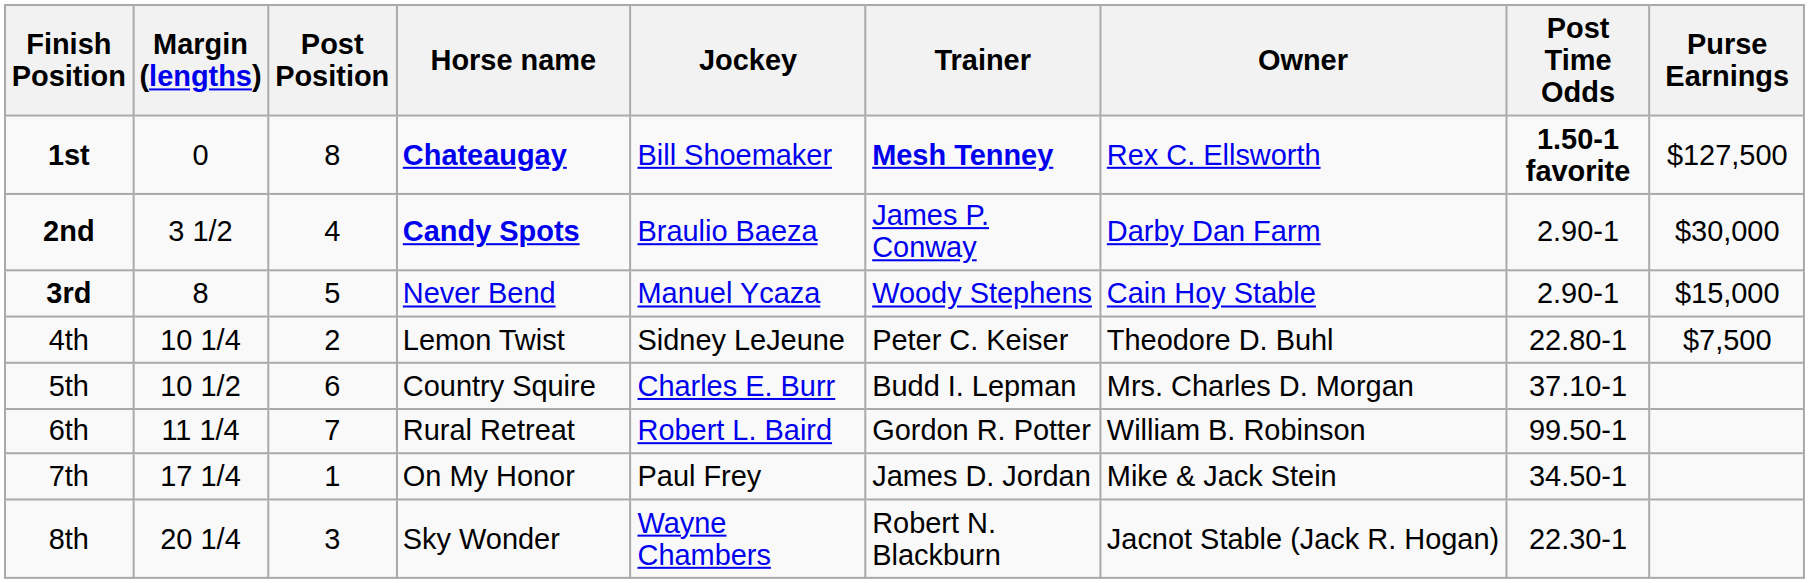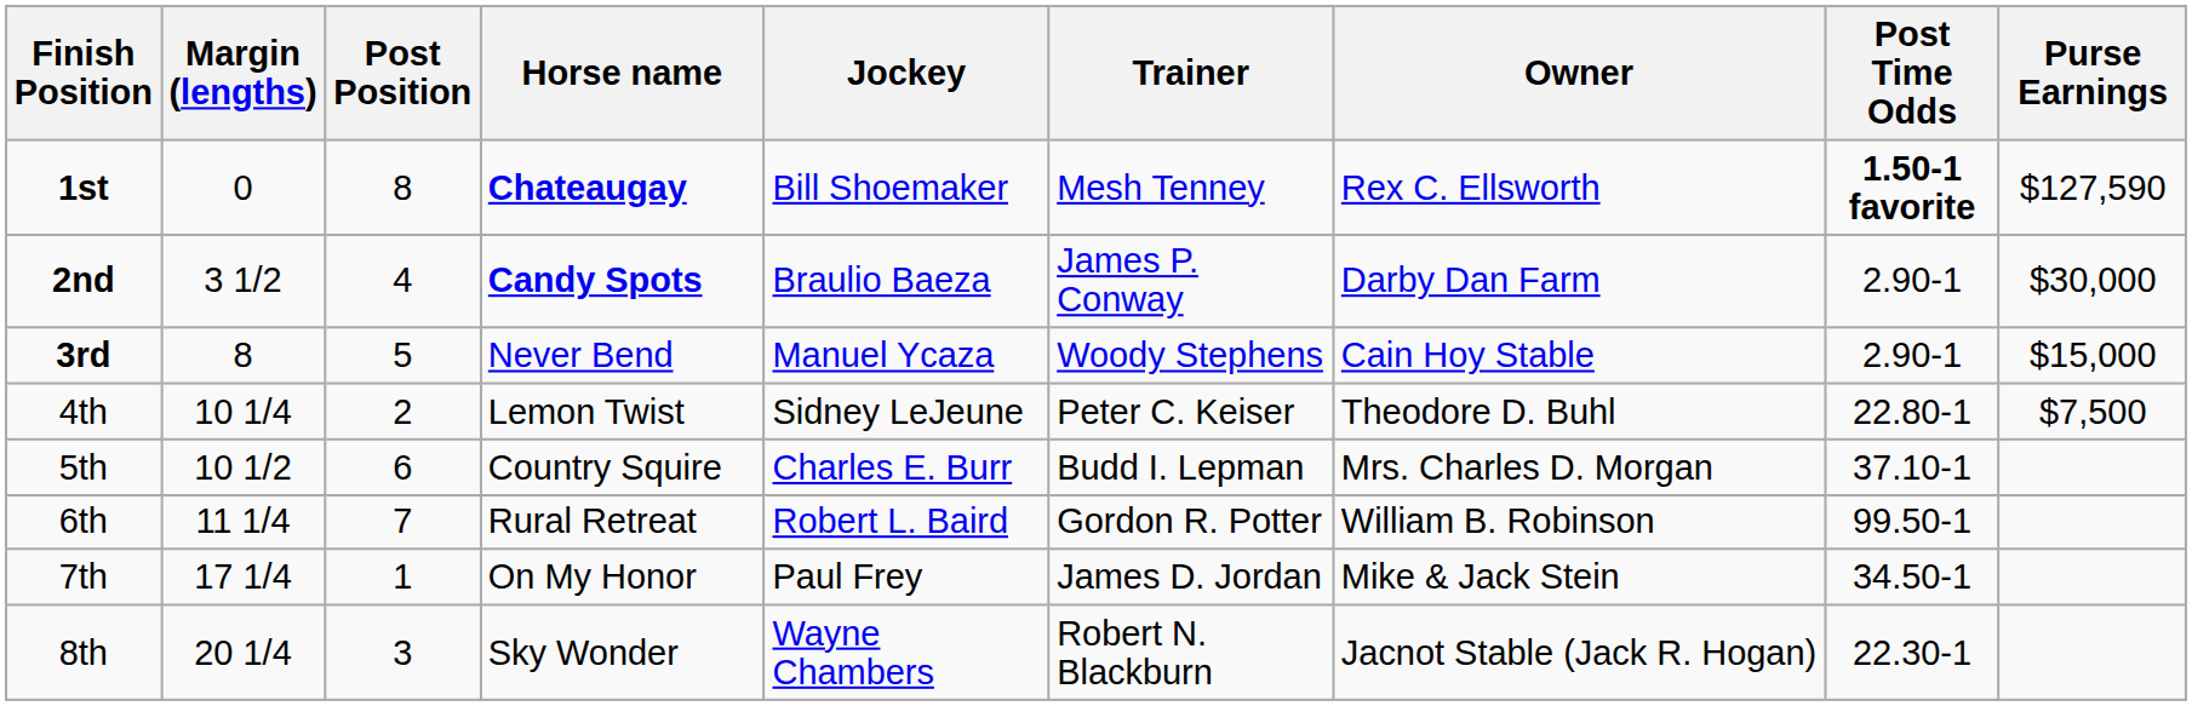 <table class="wikitable sortable" | border="2" cellpadding="1" style="border-collapse: collapse; font-size:90%">
 <tr>
 <th width="25px">Finish <br> Position</th>
 <th width="25px">Margin<br> <span>(<a href='#'>lengths</a>)</span></th>
 <th width="25px">Post <br> Position</th>
 <th width="110px">Horse name</th>
 <th width="110px">Jockey</th>
 <th width="110px">Trainer</th>
 <th>Owner</th>
 <th width="65px">Post Time <br> Odds</th>
 <th width="70px">Purse <br> Earnings</th>
 </tr>
 <tr>
 <td align=center><strong>1<span>st</span></strong></td>
 <td align=center>0</td>
 <td align=center>8</td>
 <td><strong><a href='#'>Chateaugay</a></strong></td>
 <td><a href='#'>Bill Shoemaker</a></td>
-<td><strong><a href='#'>Mesh Tenney</a></strong></td>
+<td><a href='#'>Mesh Tenney</a></td>
 <td><a href='#'>Rex C. Ellsworth</a></td>
 <td align=center><strong>1.50-1</strong>  <br><strong><span>favorite</span></strong></td>
-<td align=center>$127,500</td>
+<td align=center>$127,590</td>
 </tr>
 <tr>
 <td align=center><strong>2<span>nd</span></strong></td>
 <td align=center>3 <span>1/2</span></td>
 <td align=center>4</td>
 <td><strong><a href='#'>Candy Spots</a></strong></td>
 <td><a href='#'>Braulio Baeza</a></td>
 <td><a href='#'>James P. Conway</a></td>
 <td><a href='#'>Darby Dan Farm</a></td>
 <td align=center>2.90-1</td>
 <td align=center>$30,000</td>
 </tr>
 <tr>
 <td align=center><strong>3<span>rd</span></strong></td>
 <td align=center>8</td>
 <td align=center>5</td>
 <td><a href='#'>Never Bend</a></td>
 <td><a href='#'>Manuel Ycaza</a></td>
 <td><a href='#'>Woody Stephens</a></td>
 <td><a href='#'>Cain Hoy Stable</a></td>
 <td align=center>2.90-1</td>
 <td align=center>$15,000</td>
 </tr>
 <tr>
 <td align=center>4<span>th</span></td>
 <td align=center>10 <span>1/4</span></td>
 <td align=center>2</td>
 <td>Lemon Twist</td>
 <td>Sidney LeJeune</td>
 <td>Peter C. Keiser</td>
 <td>Theodore D. Buhl</td>
 <td align=center>22.80-1</td>
 <td align=center>$7,500</td>
 </tr>
 <tr>
 <td align=center>5<span>th</span></td>
 <td align=center>10 <span>1/2</span></td>
 <td align=center>6</td>
 <td>Country Squire</td>
 <td><a href='#'>Charles E. Burr</a></td>
 <td>Budd I. Lepman</td>
 <td>Mrs. Charles D. Morgan</td>
 <td align=center>37.10-1</td>
 <td align=center></td>
 </tr>
 <tr>
 <td align=center>6<span>th</span></td>
 <td align=center>11 <span>1/4</span></td>
 <td align=center>7</td>
 <td>Rural Retreat</td>
 <td><a href='#'>Robert L. Baird</a></td>
 <td>Gordon R. Potter</td>
 <td>William B. Robinson</td>
 <td align=center>99.50-1</td>
 <td></td>
 </tr>
 <tr>
 <td align=center>7<span>th</span></td>
 <td align=center>17 <span>1/4</span></td>
 <td align=center>1</td>
 <td>On My Honor</td>
 <td>Paul Frey</td>
 <td>James D. Jordan</td>
 <td>Mike & Jack Stein</td>
 <td align=center>34.50-1</td>
 <td></td>
 </tr>
 <tr>
 <td align=center>8<span>th</span></td>
 <td align=center>20 <span>1/4</span></td>
 <td align=center>3</td>
 <td>Sky Wonder</td>
 <td><a href='#'>Wayne Chambers</a></td>
 <td>Robert N. Blackburn</td>
 <td>Jacnot Stable (Jack R. Hogan)</td>
 <td align=center>22.30-1</td>
 <td></td>
 </tr>
 </table>
